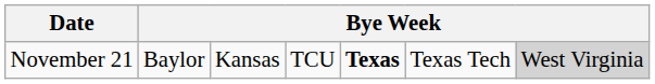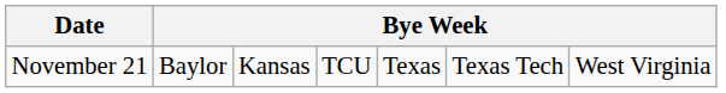 <table class="wikitable" style="font-size:95%">
 <tr>
 <th>Date</th>
 <th colspan="6">Bye Week</th>
 </tr>
 <tr>
 <td>November 21</td>
 <td>Baylor</td>
 <td>Kansas</td>
 <td>TCU</td>
-<td><strong>Texas</strong></td>
+<td>Texas</td>
 <td>Texas Tech</td>
-<td style="background: lightgrey;">West Virginia</td>
+<td>West Virginia</td>
 </tr>
 </table>
